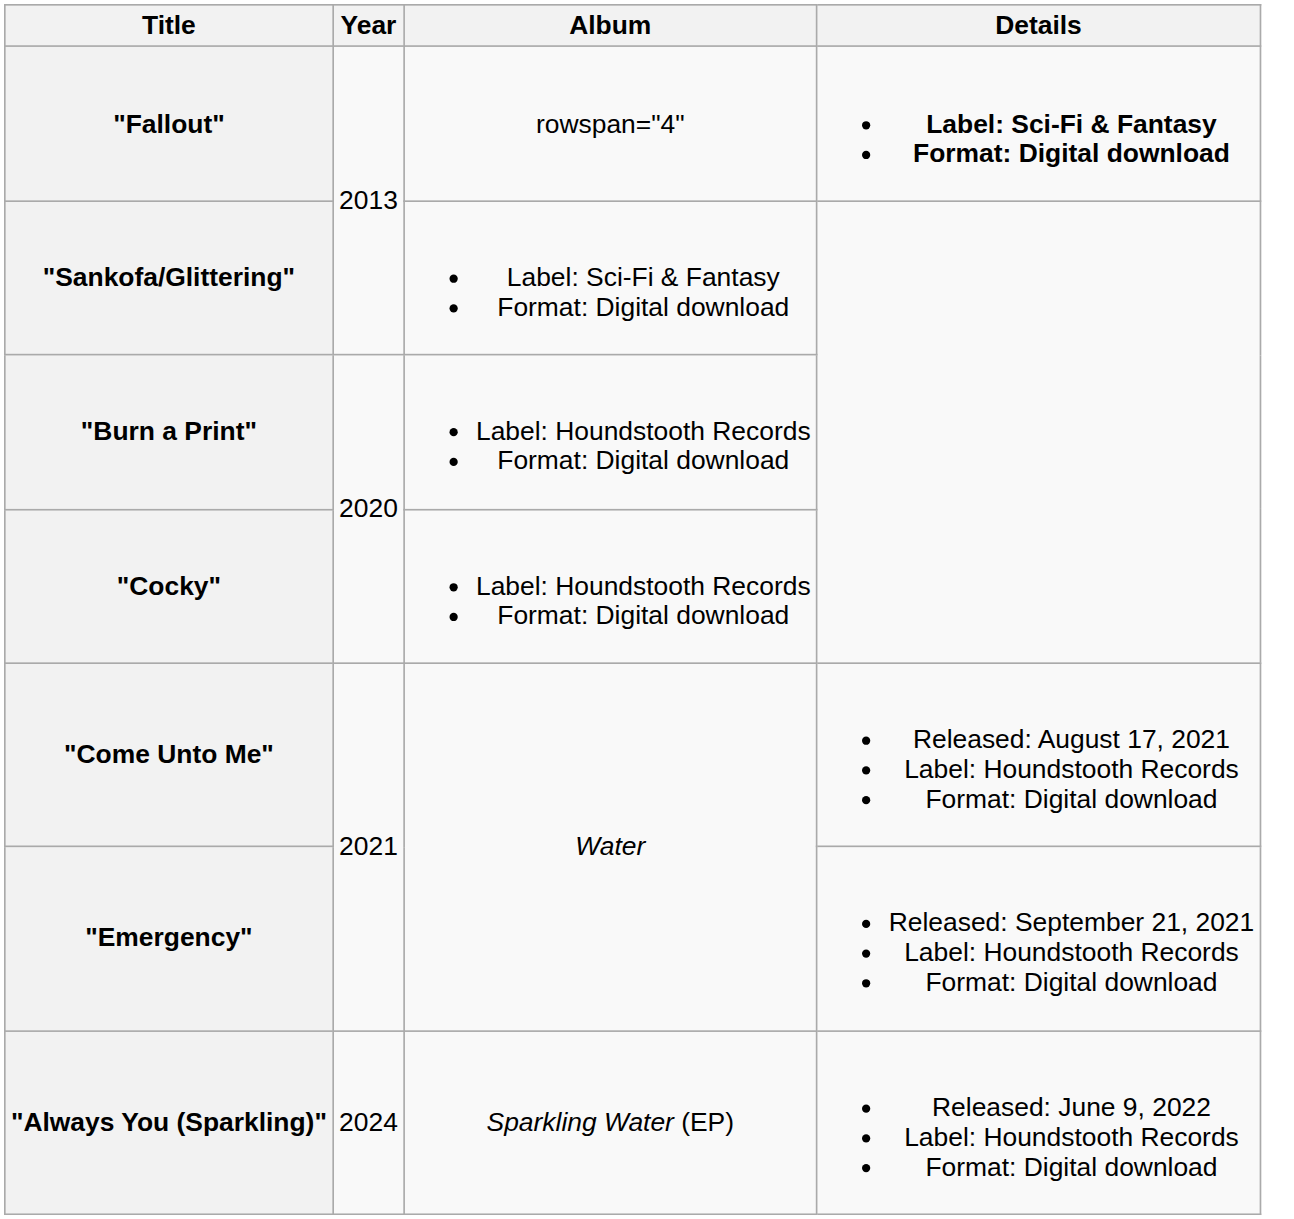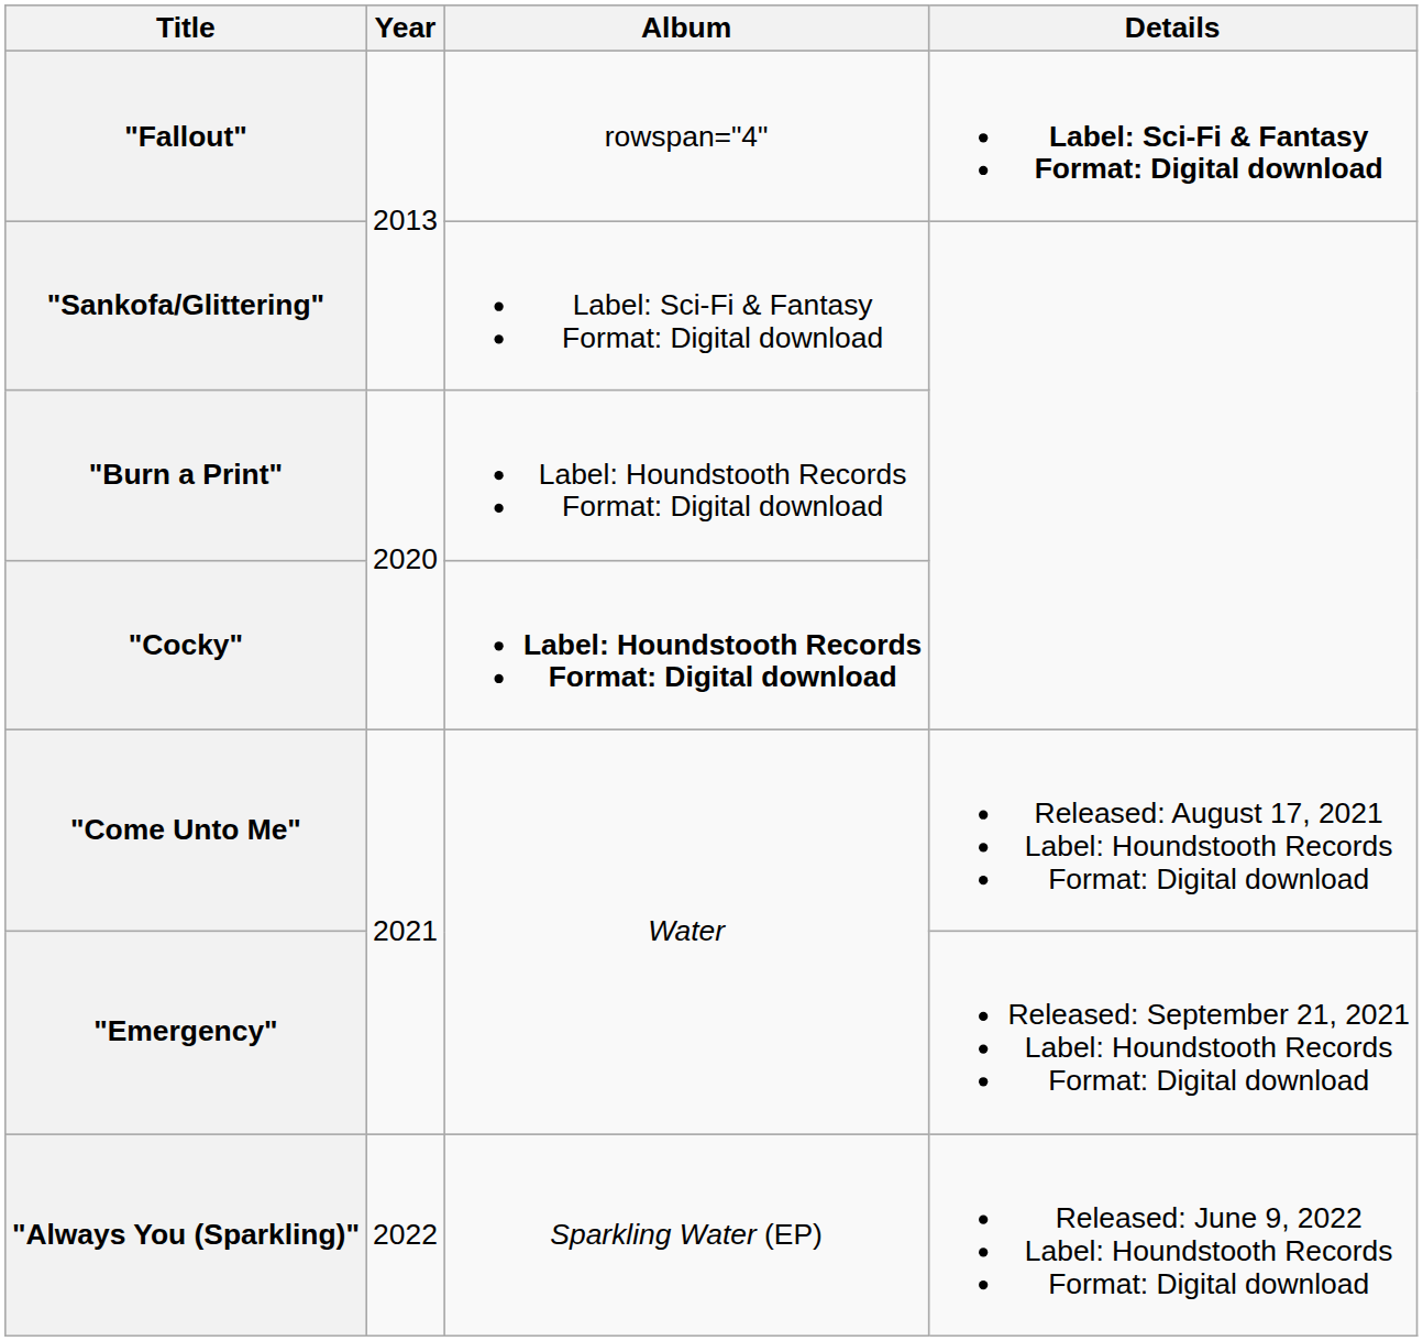 <table class="wikitable plainrowheaders" style="text-align:center">
 <tr>
 <th>Title</th>
 <th>Year</th>
 <th>Album</th>
 <th>Details</th>
 </tr>
 <tr>
 <th scope="row">"Fallout"</th>
 <td rowspan="2">2013</td>
 <td>rowspan="4" </td>
 <td><strong><br><ul><li>Label: Sci-Fi & Fantasy</li><li>Format: Digital download</li></ul></strong></td>
 </tr>
 <tr>
 <th scope="row">"Sankofa/Glittering"</th>
 <td><br><ul><li>Label: Sci-Fi & Fantasy</li><li>Format: Digital download</li></ul></td>
 </tr>
 <tr>
 <th scope="row">"Burn a Print"</th>
 <td rowspan="2">2020</td>
 <td><br><ul><li>Label: Houndstooth Records</li><li>Format: Digital download</li></ul></td>
 </tr>
 <tr>
 <th scope="row">"Cocky"</th>
-<td><br><ul><li>Label: Houndstooth Records</li><li>Format: Digital download</li></ul></td>
+<td><strong><br><ul><li>Label: Houndstooth Records</li><li>Format: Digital download</li></ul></strong></td>
 </tr>
 <tr>
 <th scope="row">"Come Unto Me"</th>
 <td rowspan="2">2021</td>
 <td rowspan="2"><em>Water</em></td>
 <td><br><ul><li>Released: August 17, 2021</li><li>Label: Houndstooth Records</li><li>Format: Digital download</li></ul></td>
 </tr>
 <tr>
 <th scope="row">"Emergency"</th>
 <td><br><ul><li>Released: September 21, 2021</li><li>Label: Houndstooth Records</li><li>Format: Digital download</li></ul></td>
 </tr>
 <tr>
 <th scope="row">"Always You (Sparkling)"</th>
-<td>2024</td>
+<td>2022</td>
 <td><em>Sparkling Water</em> (EP)</td>
 <td><br><ul><li>Released: June 9, 2022</li><li>Label: Houndstooth Records</li><li>Format: Digital download</li></ul></td>
 </tr>
 </table>
